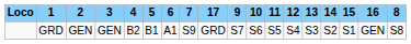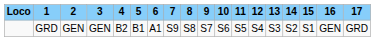 <table class="wikitable plainrowheaders unsortable" style="text-align:center">
 <tr>
 <th scope="col" rowspan="1" style="background:lightskyblue;">Loco</th>
 <th scope="col" rowspan="1" style="background:lightskyblue;">1</th>
 <th scope="col" rowspan="1" style="background:lightskyblue;">2</th>
 <th scope="col" rowspan="1" style="background:lightskyblue;">3</th>
 <th scope="col" rowspan="1" style="background:lightskyblue;">4</th>
 <th scope="col" rowspan="1" style="background:lightskyblue;">5</th>
 <th scope="col" rowspan="1" style="background:lightskyblue;">6</th>
 <th scope="col" rowspan="1" style="background:lightskyblue;">7</th>
-<th scope="col" rowspan="1" style="background:lightskyblue;">17</th>
+<th scope="col" rowspan="1" style="background:lightskyblue;">8</th>
 <th scope="col" rowspan="1" style="background:lightskyblue;">9</th>
 <th scope="col" rowspan="1" style="background:lightskyblue;">10</th>
 <th scope="col" rowspan="1" style="background:lightskyblue;">11</th>
 <th scope="col" rowspan="1" style="background:lightskyblue;">12</th>
 <th scope="col" rowspan="1" style="background:lightskyblue;">13</th>
 <th scope="col" rowspan="1" style="background:lightskyblue;">14</th>
 <th scope="col" rowspan="1" style="background:lightskyblue;">15</th>
 <th scope="col" rowspan="1" style="background:lightskyblue;">16</th>
-<th scope="col" rowspan="1" style="background:lightskyblue;">8</th>
+<th scope="col" rowspan="1" style="background:lightskyblue;">17</th>
 </tr>
 <tr>
 <td></td>
 <td>GRD</td>
 <td>GEN</td>
 <td>GEN</td>
 <td>B2</td>
 <td>B1</td>
 <td>A1</td>
 <td>S9</td>
-<td>GRD</td>
+<td>S8</td>
 <td>S7</td>
 <td>S6</td>
 <td>S5</td>
 <td>S4</td>
 <td>S3</td>
 <td>S2</td>
 <td>S1</td>
 <td>GEN</td>
-<td>S8</td>
+<td>GRD</td>
 </tr>
 </table>
